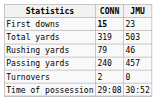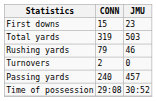 <table class="wikitable" style="float: left;">
 <tr>
 <th>Statistics</th>
 <th>CONN</th>
 <th>JMU</th>
 </tr>
 <tr>
 <td>First downs</td>
-<td><strong>15</strong></td>
+<td>15</td>
 <td>23</td>
 </tr>
 <tr>
 <td>Total yards</td>
 <td>319</td>
 <td>503</td>
 </tr>
 <tr>
 <td>Rushing yards</td>
 <td>79</td>
 <td>46</td>
 </tr>
 <tr>
+<td>Turnovers</td>
+<td>2</td>
+<td>0</td>
+</tr>
+<tr>
 <td>Passing yards</td>
 <td>240</td>
 <td>457</td>
-</tr>
-<tr>
-<td>Turnovers</td>
-<td>2</td>
-<td>0</td>
 </tr>
 <tr>
 <td>Time of possession</td>
 <td>29:08</td>
 <td>30:52</td>
 </tr>
 <tr>
 </tr>
 </table>
